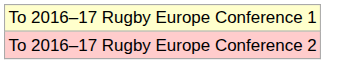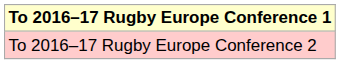 <table class="wikitable">
 <tr>
 </tr>
 <tr width=10px bgcolor="#ffffcc">
-<td>To 2016–17 Rugby Europe Conference 1</td>
+<td><strong>To 2016–17 Rugby Europe Conference 1</strong></td>
 </tr>
 <tr width=10px bgcolor="#ffcccc">
 <td>To 2016–17 Rugby Europe Conference 2</td>
 </tr>
 <tr>
 </tr>
 </table>
